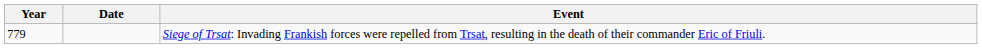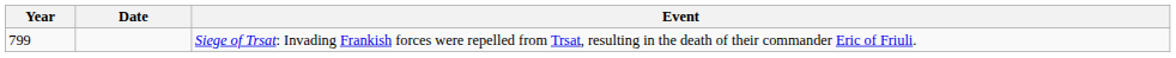 <table class="wikitable" width="100%">
 <tr>
 <th style="width:6%">Year</th>
 <th style="width:10%">Date</th>
 <th>Event</th>
 </tr>
 <tr>
-<td>779</td>
+<td>799</td>
 <td></td>
 <td><em><a href='#'>Siege of Trsat</a></em>: Invading <a href='#'>Frankish</a> forces were repelled from <a href='#'>Trsat</a>, resulting in the death of their commander <a href='#'>Eric of Friuli</a>.</td>
 </tr>
 </table>
